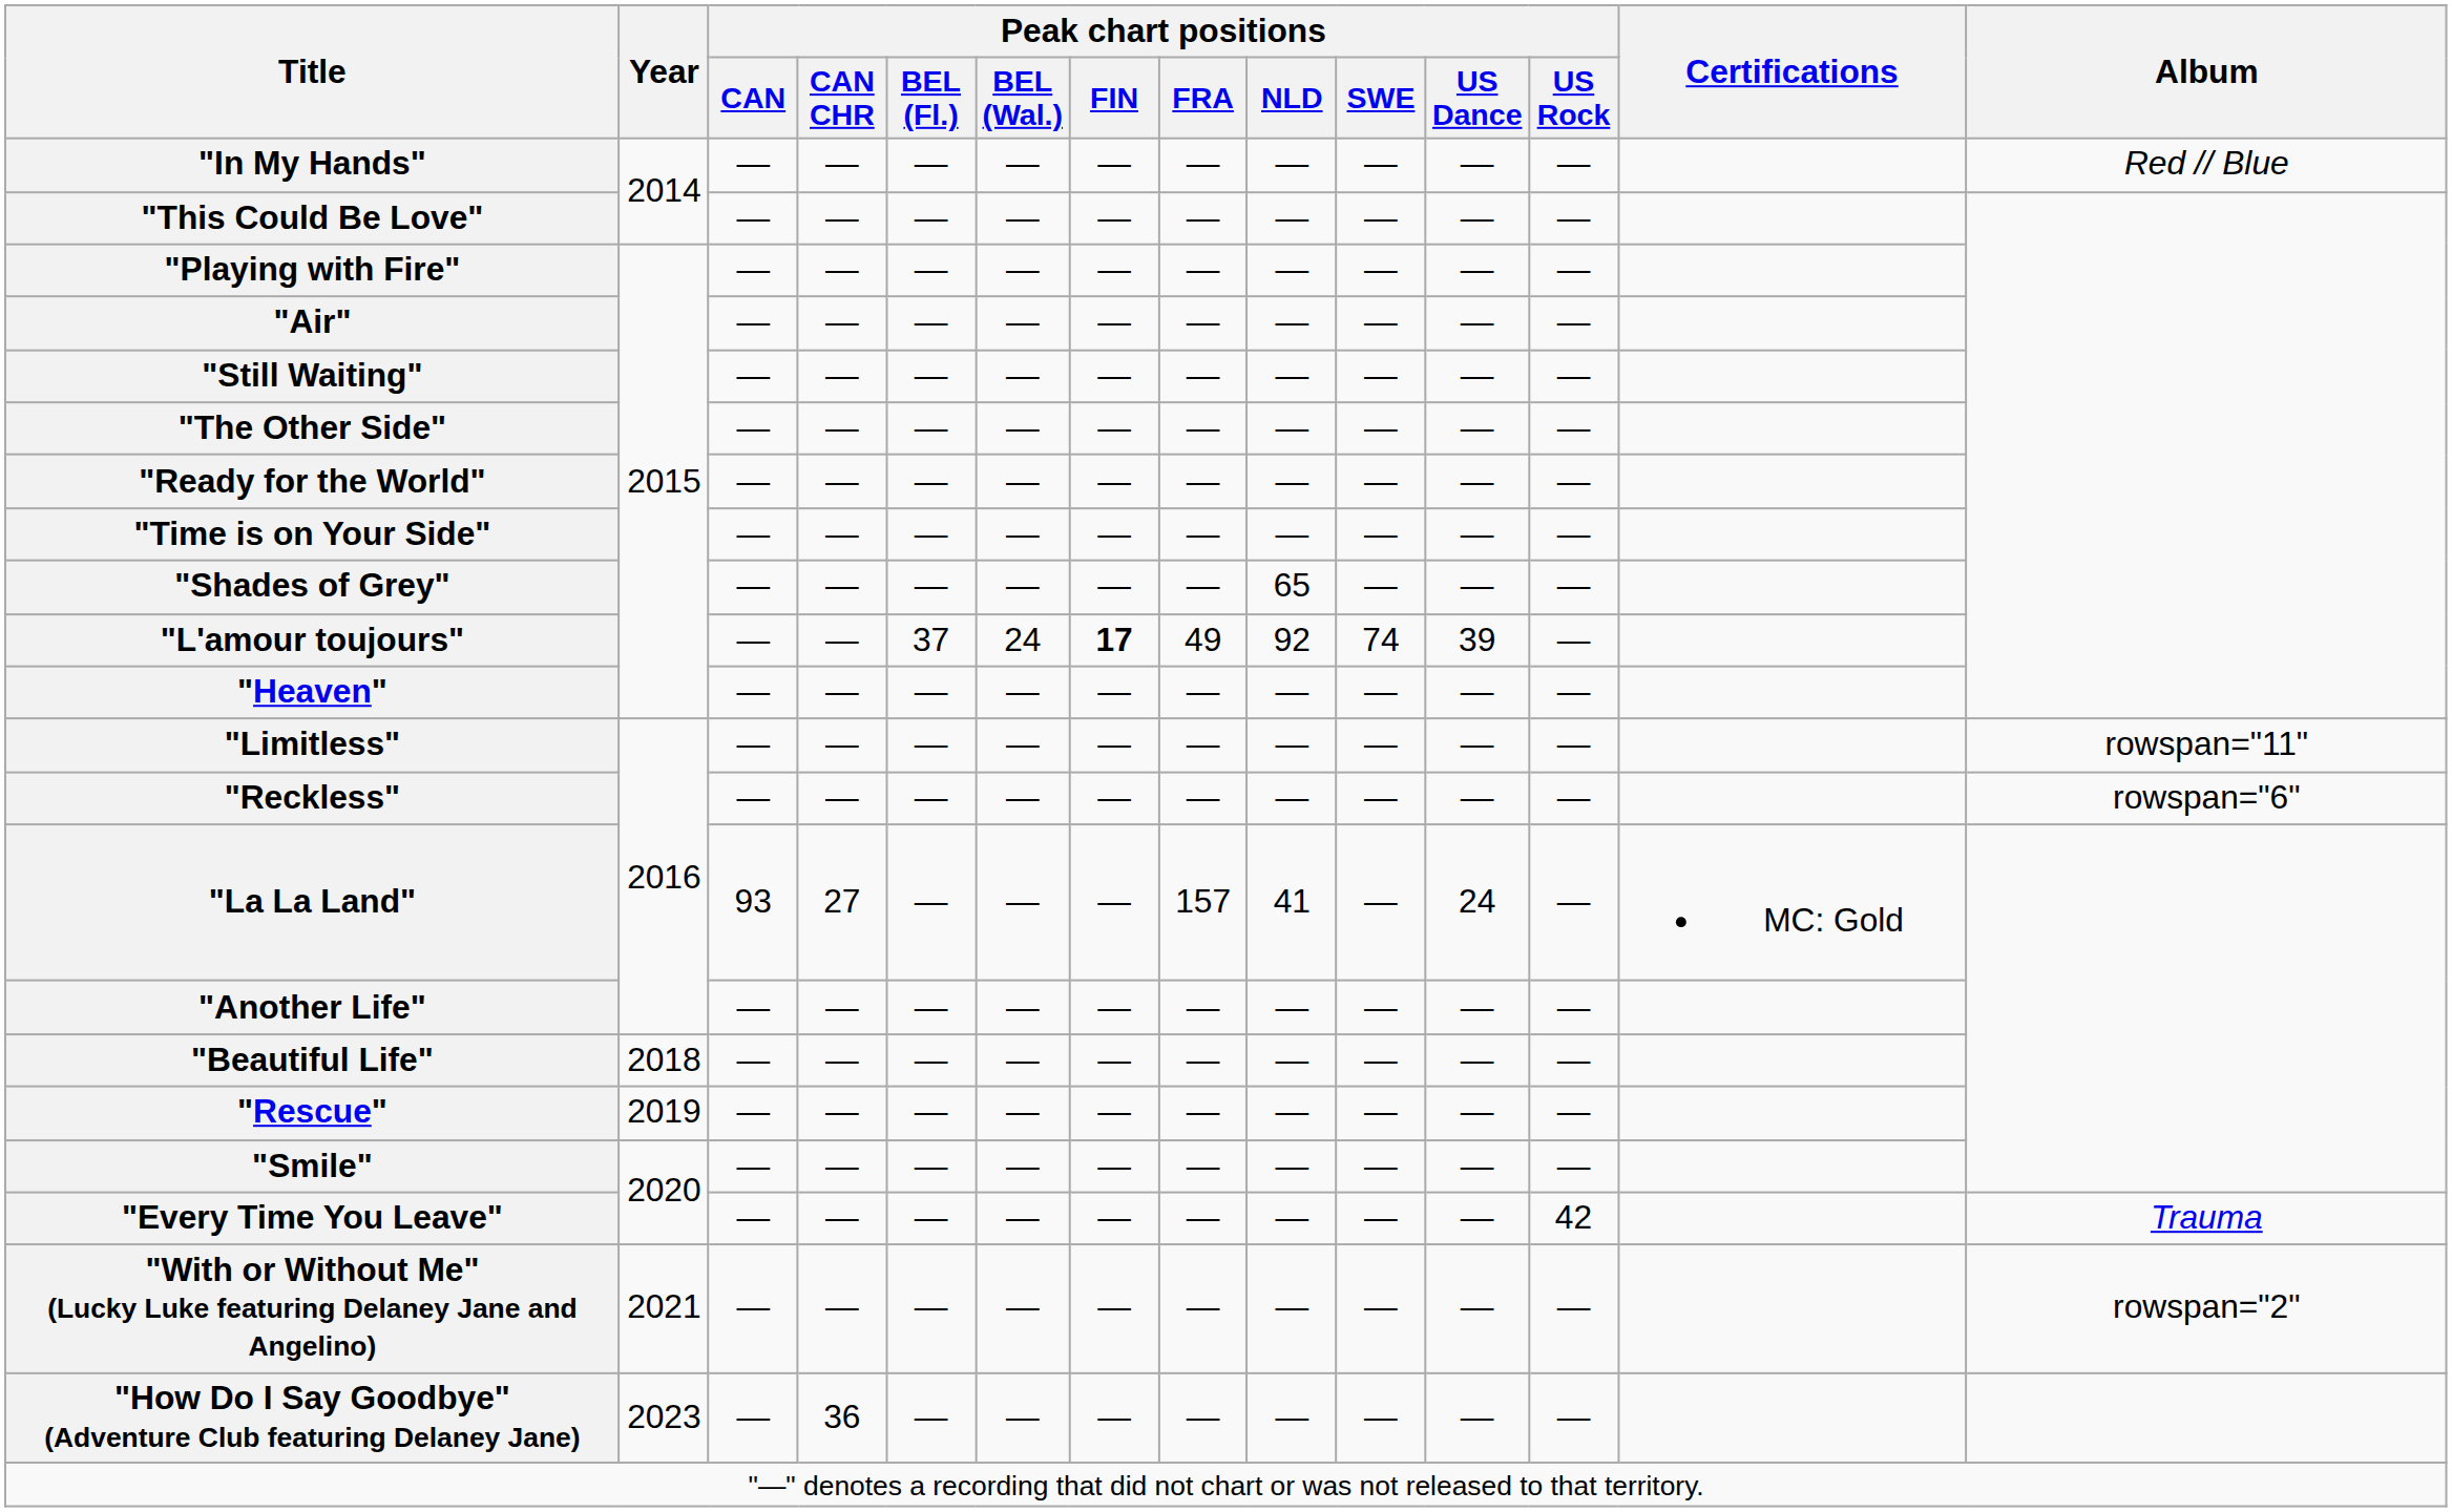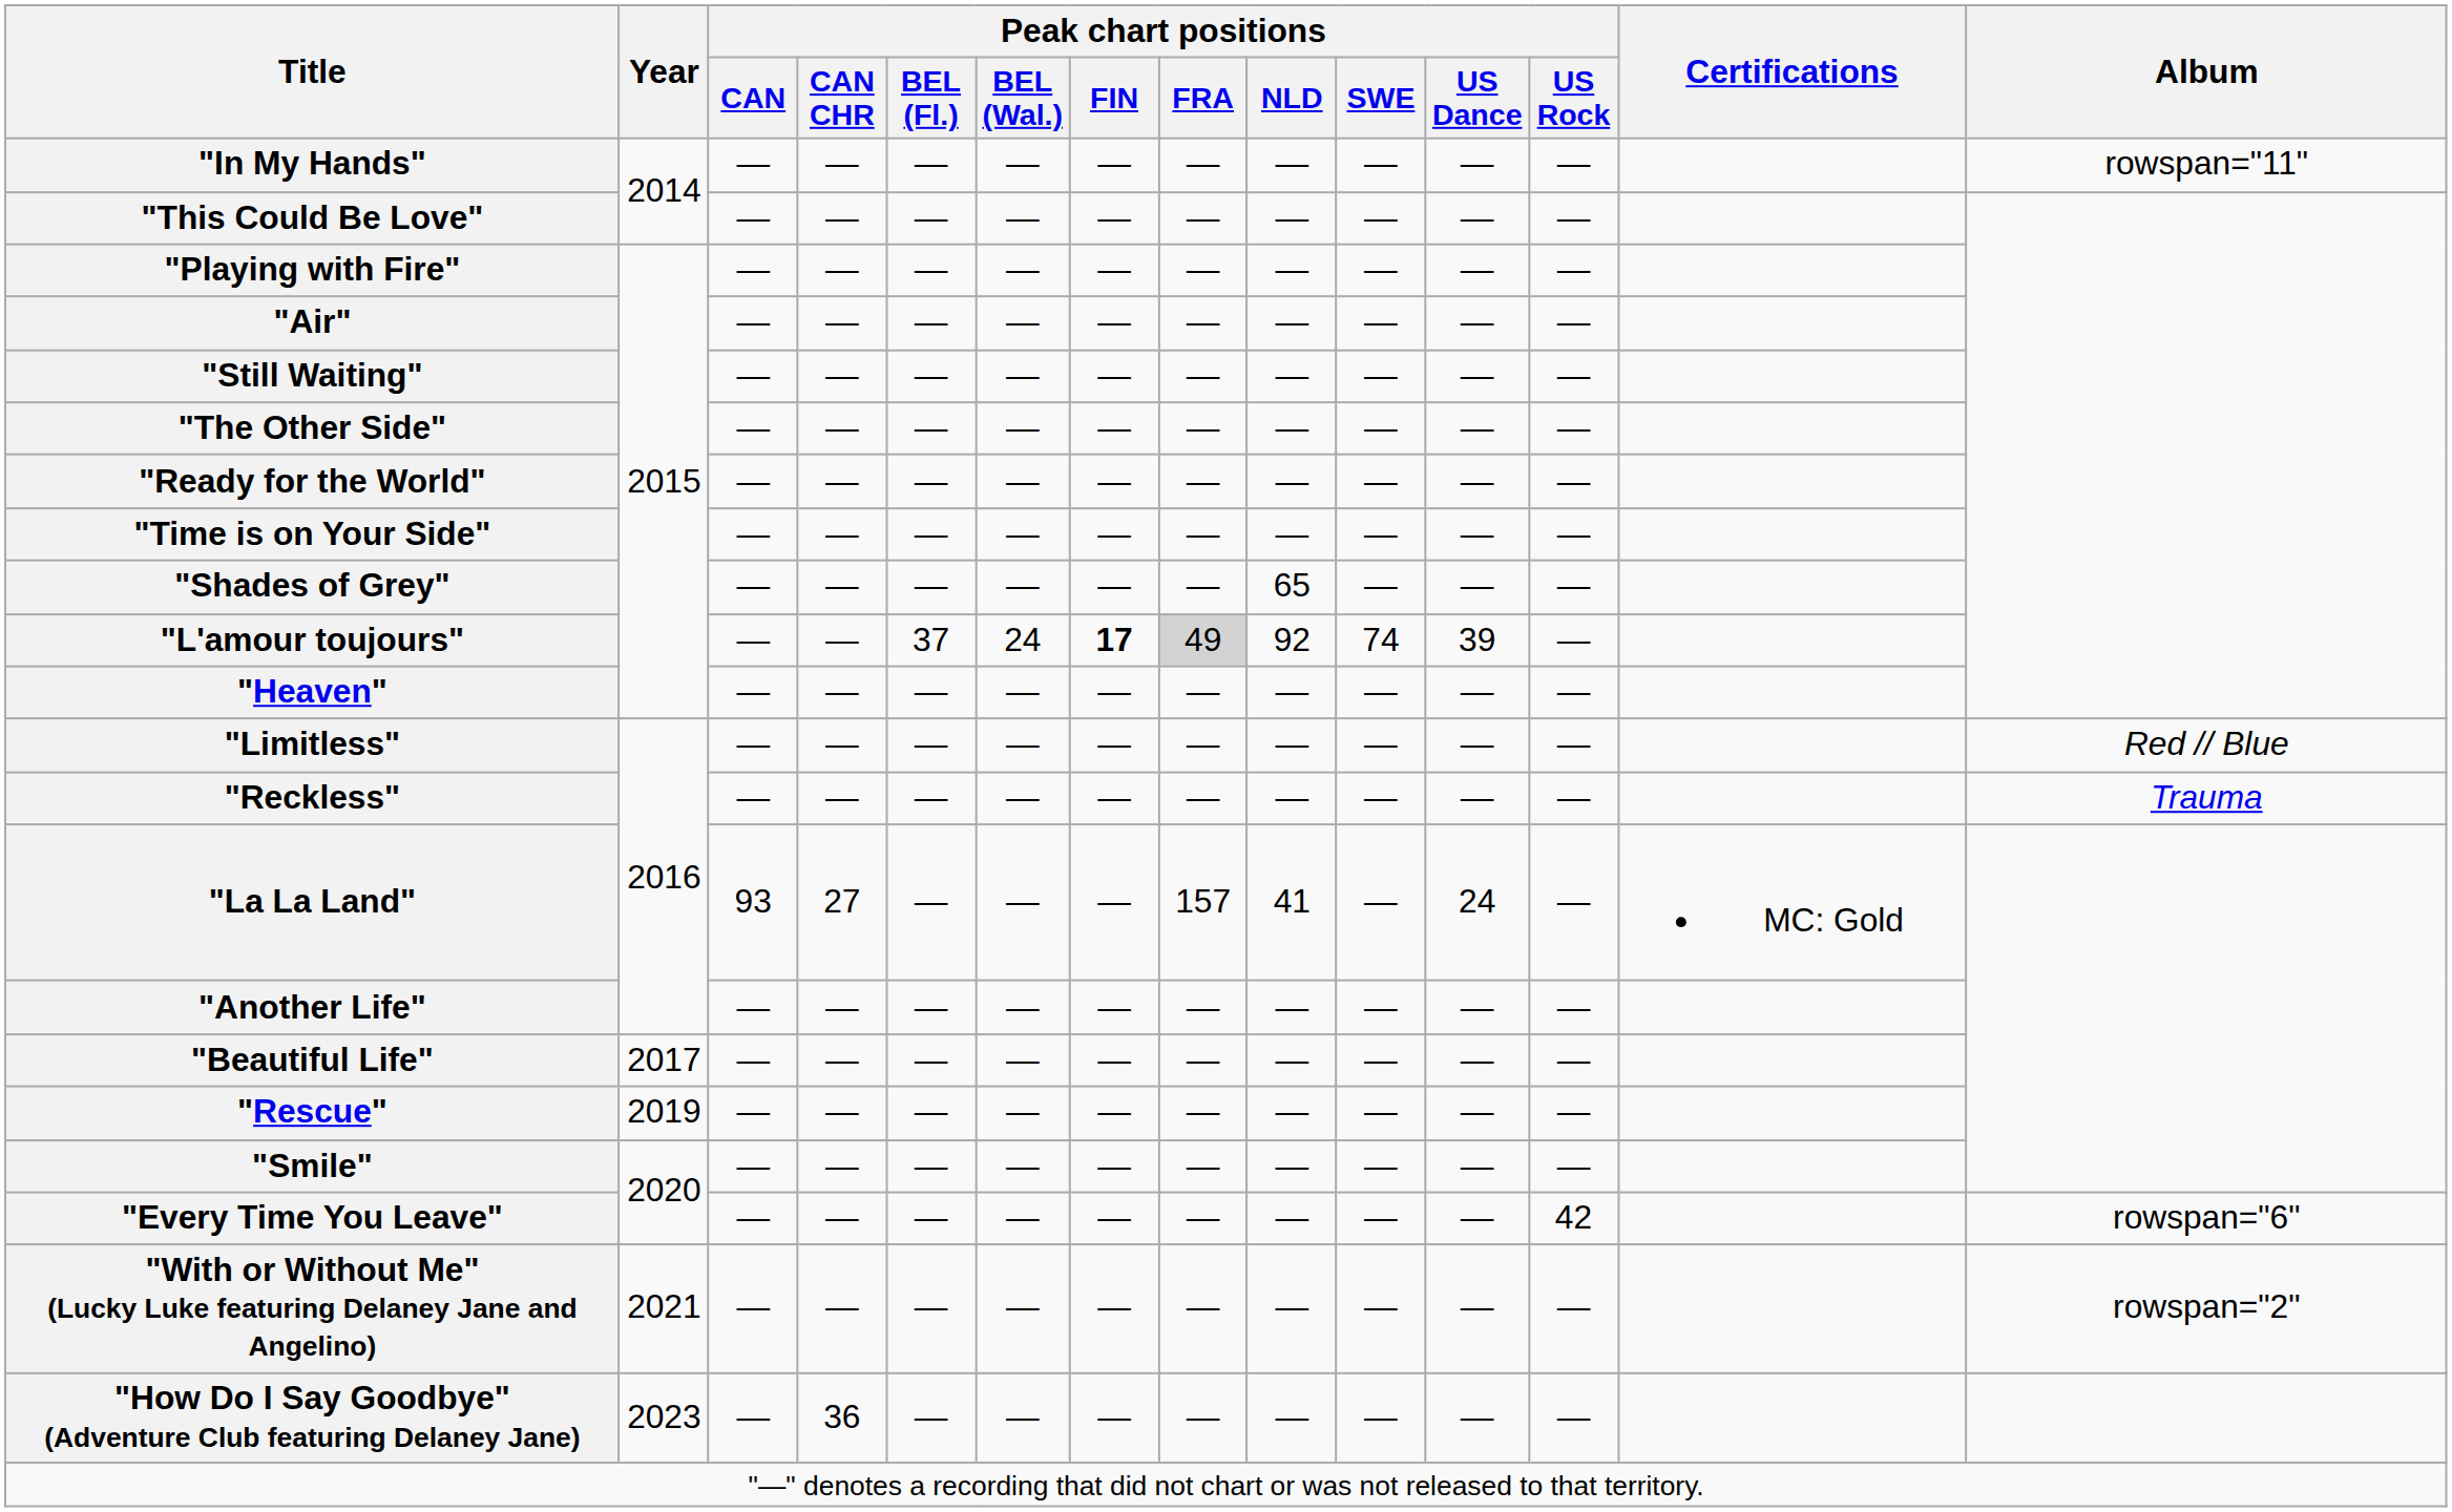 <table class="wikitable plainrowheaders" style="text-align:center;">
 <tr>
 <th scope="col" rowspan="2" style="width:18em;">Title</th>
 <th scope="col" rowspan="2" style="width:1em;">Year</th>
 <th scope="col" colspan="10">Peak chart positions</th>
 <th scope="col" rowspan="2" style="width:10em;"><a href='#'>Certifications</a></th>
 <th scope="col" rowspan="2" style="width:14em;">Album</th>
 </tr>
 <tr>
 <th scope="col" style="width:2.5em;font-size:90%;"><a href='#'>CAN</a><br></th>
 <th scope="col" style="width:2.5em;font-size:90%;"><a href='#'>CAN<br>CHR</a><br></th>
 <th scope="col" style="width:2.5em;font-size:90%;"><a href='#'>BEL (Fl.)</a><br></th>
 <th scope="col" style="width:2.5em;font-size:90%;"><a href='#'>BEL (Wal.)</a><br></th>
 <th scope="col" style="width:2.5em;font-size:90%;"><a href='#'>FIN</a><br></th>
 <th scope="col" style="width:2.5em;font-size:90%;"><a href='#'>FRA</a><br></th>
 <th scope="col" style="width:2.5em;font-size:90%;"><a href='#'>NLD</a><br></th>
 <th scope="col" style="width:2.5em;font-size:90%;"><a href='#'>SWE</a><br></th>
 <th scope="col" style="width:2.5em;font-size:90%;"><a href='#'>US<br>Dance</a><br></th>
 <th scope="col" style="width:2.5em;font-size:90%;"><a href='#'>US<br>Rock</a><br></th>
 </tr>
 <tr>
 <th scope="row">"In My Hands"<br></th>
 <td rowspan="2">2014</td>
 <td>—</td>
 <td>—</td>
 <td>—</td>
 <td>—</td>
 <td>—</td>
 <td>—</td>
 <td>—</td>
 <td>—</td>
 <td>—</td>
 <td>—</td>
 <td></td>
-<td><em>Red // Blue</em></td>
+<td>rowspan="11" </td>
 </tr>
 <tr>
 <th scope="row">"This Could Be Love"<br></th>
 <td>—</td>
 <td>—</td>
 <td>—</td>
 <td>—</td>
 <td>—</td>
 <td>—</td>
 <td>—</td>
 <td>—</td>
 <td>—</td>
 <td>—</td>
 <td></td>
 </tr>
 <tr>
 <th scope="row">"Playing with Fire"<br></th>
 <td rowspan="9">2015</td>
 <td>—</td>
 <td>—</td>
 <td>—</td>
 <td>—</td>
 <td>—</td>
 <td>—</td>
 <td>—</td>
 <td>—</td>
 <td>—</td>
 <td>—</td>
 <td></td>
 </tr>
 <tr>
 <th scope="row">"Air"<br></th>
 <td>—</td>
 <td>—</td>
 <td>—</td>
 <td>—</td>
 <td>—</td>
 <td>—</td>
 <td>—</td>
 <td>—</td>
 <td>—</td>
 <td>—</td>
 <td></td>
 </tr>
 <tr>
 <th scope="row">"Still Waiting"<br></th>
 <td>—</td>
 <td>—</td>
 <td>—</td>
 <td>—</td>
 <td>—</td>
 <td>—</td>
 <td>—</td>
 <td>—</td>
 <td>—</td>
 <td>—</td>
 <td></td>
 </tr>
 <tr>
 <th scope="row">"The Other Side"<br></th>
 <td>—</td>
 <td>—</td>
 <td>—</td>
 <td>—</td>
 <td>—</td>
 <td>—</td>
 <td>—</td>
 <td>—</td>
 <td>—</td>
 <td>—</td>
 <td></td>
 </tr>
 <tr>
 <th scope="row">"Ready for the World"<br></th>
 <td>—</td>
 <td>—</td>
 <td>—</td>
 <td>—</td>
 <td>—</td>
 <td>—</td>
 <td>—</td>
 <td>—</td>
 <td>—</td>
 <td>—</td>
 <td></td>
 </tr>
 <tr>
 <th scope="row">"Time is on Your Side"<br></th>
 <td>—</td>
 <td>—</td>
 <td>—</td>
 <td>—</td>
 <td>—</td>
 <td>—</td>
 <td>—</td>
 <td>—</td>
 <td>—</td>
 <td>—</td>
 <td></td>
 </tr>
 <tr>
 <th scope="row">"Shades of Grey"<br></th>
 <td>—</td>
 <td>—</td>
 <td>—</td>
 <td>—</td>
 <td>—</td>
 <td>—</td>
 <td>65</td>
 <td>—</td>
 <td>—</td>
 <td>—</td>
 <td></td>
 </tr>
 <tr>
 <th scope="row">"L'amour toujours" <br></th>
 <td>—</td>
 <td>—</td>
 <td>37</td>
 <td>24</td>
 <td><strong>17</strong></td>
-<td>49</td>
+<td style="background: lightgrey;">49</td>
 <td>92</td>
 <td>74</td>
 <td>39</td>
 <td>—</td>
 <td></td>
 </tr>
 <tr>
 <th scope="row">"<a href='#'>Heaven</a>"<br></th>
 <td>—</td>
 <td>—</td>
 <td>—</td>
 <td>—</td>
 <td>—</td>
 <td>—</td>
 <td>—</td>
 <td>—</td>
 <td>—</td>
 <td>—</td>
 <td></td>
 </tr>
 <tr>
 <th scope="row">"Limitless"<br></th>
 <td rowspan="4">2016</td>
 <td>—</td>
 <td>—</td>
 <td>—</td>
 <td>—</td>
 <td>—</td>
 <td>—</td>
 <td>—</td>
 <td>—</td>
 <td>—</td>
 <td>—</td>
 <td></td>
-<td>rowspan="11" </td>
+<td><em>Red // Blue</em></td>
 </tr>
 <tr>
 <th scope="row">"Reckless"<br></th>
 <td>—</td>
 <td>—</td>
 <td>—</td>
 <td>—</td>
 <td>—</td>
 <td>—</td>
 <td>—</td>
 <td>—</td>
 <td>—</td>
 <td>—</td>
 <td></td>
-<td>rowspan="6" </td>
+<td><em><a href='#'>Trauma</a></em></td>
 </tr>
 <tr>
 <th scope="row">"La La Land"<br></th>
 <td>93</td>
 <td>27</td>
 <td>—</td>
 <td>—</td>
 <td>—</td>
 <td>157</td>
 <td>41</td>
 <td>—</td>
 <td>24</td>
 <td>—</td>
 <td><br><ul><li>MC: Gold</li></ul></td>
 </tr>
 <tr>
 <th scope="row">"Another Life"<br></th>
 <td>—</td>
 <td>—</td>
 <td>—</td>
 <td>—</td>
 <td>—</td>
 <td>—</td>
 <td>—</td>
 <td>—</td>
 <td>—</td>
 <td>—</td>
 <td></td>
 </tr>
 <tr>
 <th scope="row">"Beautiful Life"<br></th>
-<td>2018</td>
+<td>2017</td>
 <td>—</td>
 <td>—</td>
 <td>—</td>
 <td>—</td>
 <td>—</td>
 <td>—</td>
 <td>—</td>
 <td>—</td>
 <td>—</td>
 <td>—</td>
 <td></td>
 </tr>
 <tr>
 <th scope="row">"<a href='#'>Rescue</a>"<br></th>
 <td>2019</td>
 <td>—</td>
 <td>—</td>
 <td>—</td>
 <td>—</td>
 <td>—</td>
 <td>—</td>
 <td>—</td>
 <td>—</td>
 <td>—</td>
 <td>—</td>
 <td></td>
 </tr>
 <tr>
 <th scope="row">"Smile"<br></th>
 <td rowspan="2">2020</td>
 <td>—</td>
 <td>—</td>
 <td>—</td>
 <td>—</td>
 <td>—</td>
 <td>—</td>
 <td>—</td>
 <td>—</td>
 <td>—</td>
 <td>—</td>
 <td></td>
 </tr>
 <tr>
 <th scope="row">"Every Time You Leave"<br></th>
 <td>—</td>
 <td>—</td>
 <td>—</td>
 <td>—</td>
 <td>—</td>
 <td>—</td>
 <td>—</td>
 <td>—</td>
 <td>—</td>
 <td>42</td>
 <td></td>
-<td><em><a href='#'>Trauma</a></em></td>
+<td>rowspan="6" </td>
 </tr>
 <tr>
 <th scope="row">"With or Without Me"<br><small>(Lucky Luke featuring Delaney Jane and Angelino)</small></th>
 <td>2021</td>
 <td>—</td>
 <td>—</td>
 <td>—</td>
 <td>—</td>
 <td>—</td>
 <td>—</td>
 <td>—</td>
 <td>—</td>
 <td>—</td>
 <td>—</td>
 <td></td>
 <td>rowspan="2" </td>
 </tr>
 <tr>
 <th scope="row">"How Do I Say Goodbye"<br><small>(Adventure Club featuring Delaney Jane)</small></th>
 <td>2023</td>
 <td>—</td>
 <td>36</td>
 <td>—</td>
 <td>—</td>
 <td>—</td>
 <td>—</td>
 <td>—</td>
 <td>—</td>
 <td>—</td>
 <td>—</td>
 <td></td>
 </tr>
 <tr>
 <td colspan="15" style="font-size:smaller;">"—" denotes a recording that did not chart or was not released to that territory.</td>
 </tr>
 </table>
